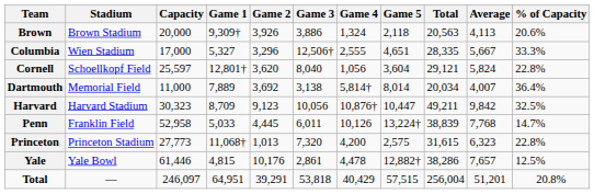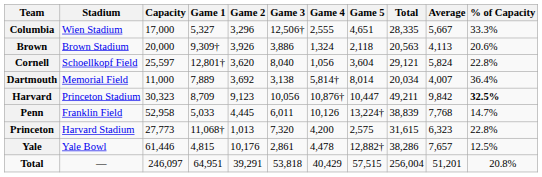 <table class="wikitable sortable">
 <tr>
 <th>Team</th>
 <th>Stadium</th>
 <th>Capacity</th>
 <th>Game 1</th>
 <th>Game 2</th>
 <th>Game 3</th>
 <th>Game 4</th>
 <th>Game 5</th>
 <th>Total</th>
 <th>Average</th>
 <th>% of Capacity</th>
 </tr>
 <tr>
+<th>Columbia</th>
+<td><a href='#'>Wien Stadium</a></td>
+<td>17,000</td>
+<td>5,327</td>
+<td>3,296</td>
+<td>12,506†</td>
+<td>2,555</td>
+<td>4,651</td>
+<td>28,335</td>
+<td>5,667</td>
+<td>33.3%</td>
+</tr>
+<tr>
 <th>Brown</th>
 <td><a href='#'>Brown Stadium</a></td>
 <td>20,000</td>
 <td>9,309†</td>
 <td>3,926</td>
 <td>3,886</td>
 <td>1,324</td>
 <td>2,118</td>
 <td>20,563</td>
 <td>4,113</td>
 <td>20.6%</td>
-</tr>
-<tr>
-<th>Columbia</th>
-<td><a href='#'>Wien Stadium</a></td>
-<td>17,000</td>
-<td>5,327</td>
-<td>3,296</td>
-<td>12,506†</td>
-<td>2,555</td>
-<td>4,651</td>
-<td>28,335</td>
-<td>5,667</td>
-<td>33.3%</td>
 </tr>
 <tr>
 <th>Cornell</th>
 <td><a href='#'>Schoellkopf Field</a></td>
 <td>25,597</td>
 <td>12,801†</td>
 <td>3,620</td>
 <td>8,040</td>
 <td>1,056</td>
 <td>3,604</td>
 <td>29,121</td>
 <td>5,824</td>
 <td>22.8%</td>
 </tr>
 <tr>
 <th>Dartmouth</th>
 <td><a href='#'>Memorial Field</a></td>
 <td>11,000</td>
 <td>7,889</td>
 <td>3,692</td>
 <td>3,138</td>
 <td>5,814†</td>
 <td>8,014</td>
 <td>20,034</td>
 <td>4,007</td>
 <td>36.4%</td>
 </tr>
 <tr>
 <th>Harvard</th>
-<td><a href='#'>Harvard Stadium</a></td>
+<td><a href='#'>Princeton Stadium</a></td>
 <td>30,323</td>
 <td>8,709</td>
 <td>9,123</td>
 <td>10,056</td>
 <td>10,876†</td>
 <td>10,447</td>
 <td>49,211</td>
 <td>9,842</td>
-<td>32.5%</td>
+<td><strong>32.5%</strong></td>
 </tr>
 <tr>
 <th>Penn</th>
 <td><a href='#'>Franklin Field</a></td>
 <td>52,958</td>
 <td>5,033</td>
 <td>4,445</td>
 <td>6,011</td>
 <td>10,126</td>
 <td>13,224†</td>
 <td>38,839</td>
 <td>7,768</td>
 <td>14.7%</td>
 </tr>
 <tr>
 <th>Princeton</th>
-<td><a href='#'>Princeton Stadium</a></td>
+<td><a href='#'>Harvard Stadium</a></td>
 <td>27,773</td>
 <td>11,068†</td>
 <td>1,013</td>
 <td>7,320</td>
 <td>4,200</td>
 <td>2,575</td>
 <td>31,615</td>
 <td>6,323</td>
 <td>22.8%</td>
 </tr>
 <tr>
 <th>Yale</th>
 <td><a href='#'>Yale Bowl</a></td>
 <td>61,446</td>
 <td>4,815</td>
 <td>10,176</td>
 <td>2,861</td>
 <td>4,478</td>
 <td>12,882†</td>
 <td>38,286</td>
 <td>7,657</td>
 <td>12.5%</td>
 </tr>
 <tr>
 <td align=center><strong>Total</strong></td>
 <td align=center>—</td>
 <td align=center>246,097</td>
 <td align=center>64,951</td>
 <td align=center>39,291</td>
 <td align=center>53,818</td>
 <td align=center>40,429</td>
 <td align=center>57,515</td>
 <td align=center>256,004</td>
 <td align=center>51,201</td>
 <td align=center>20.8%</td>
 </tr>
 </table>
